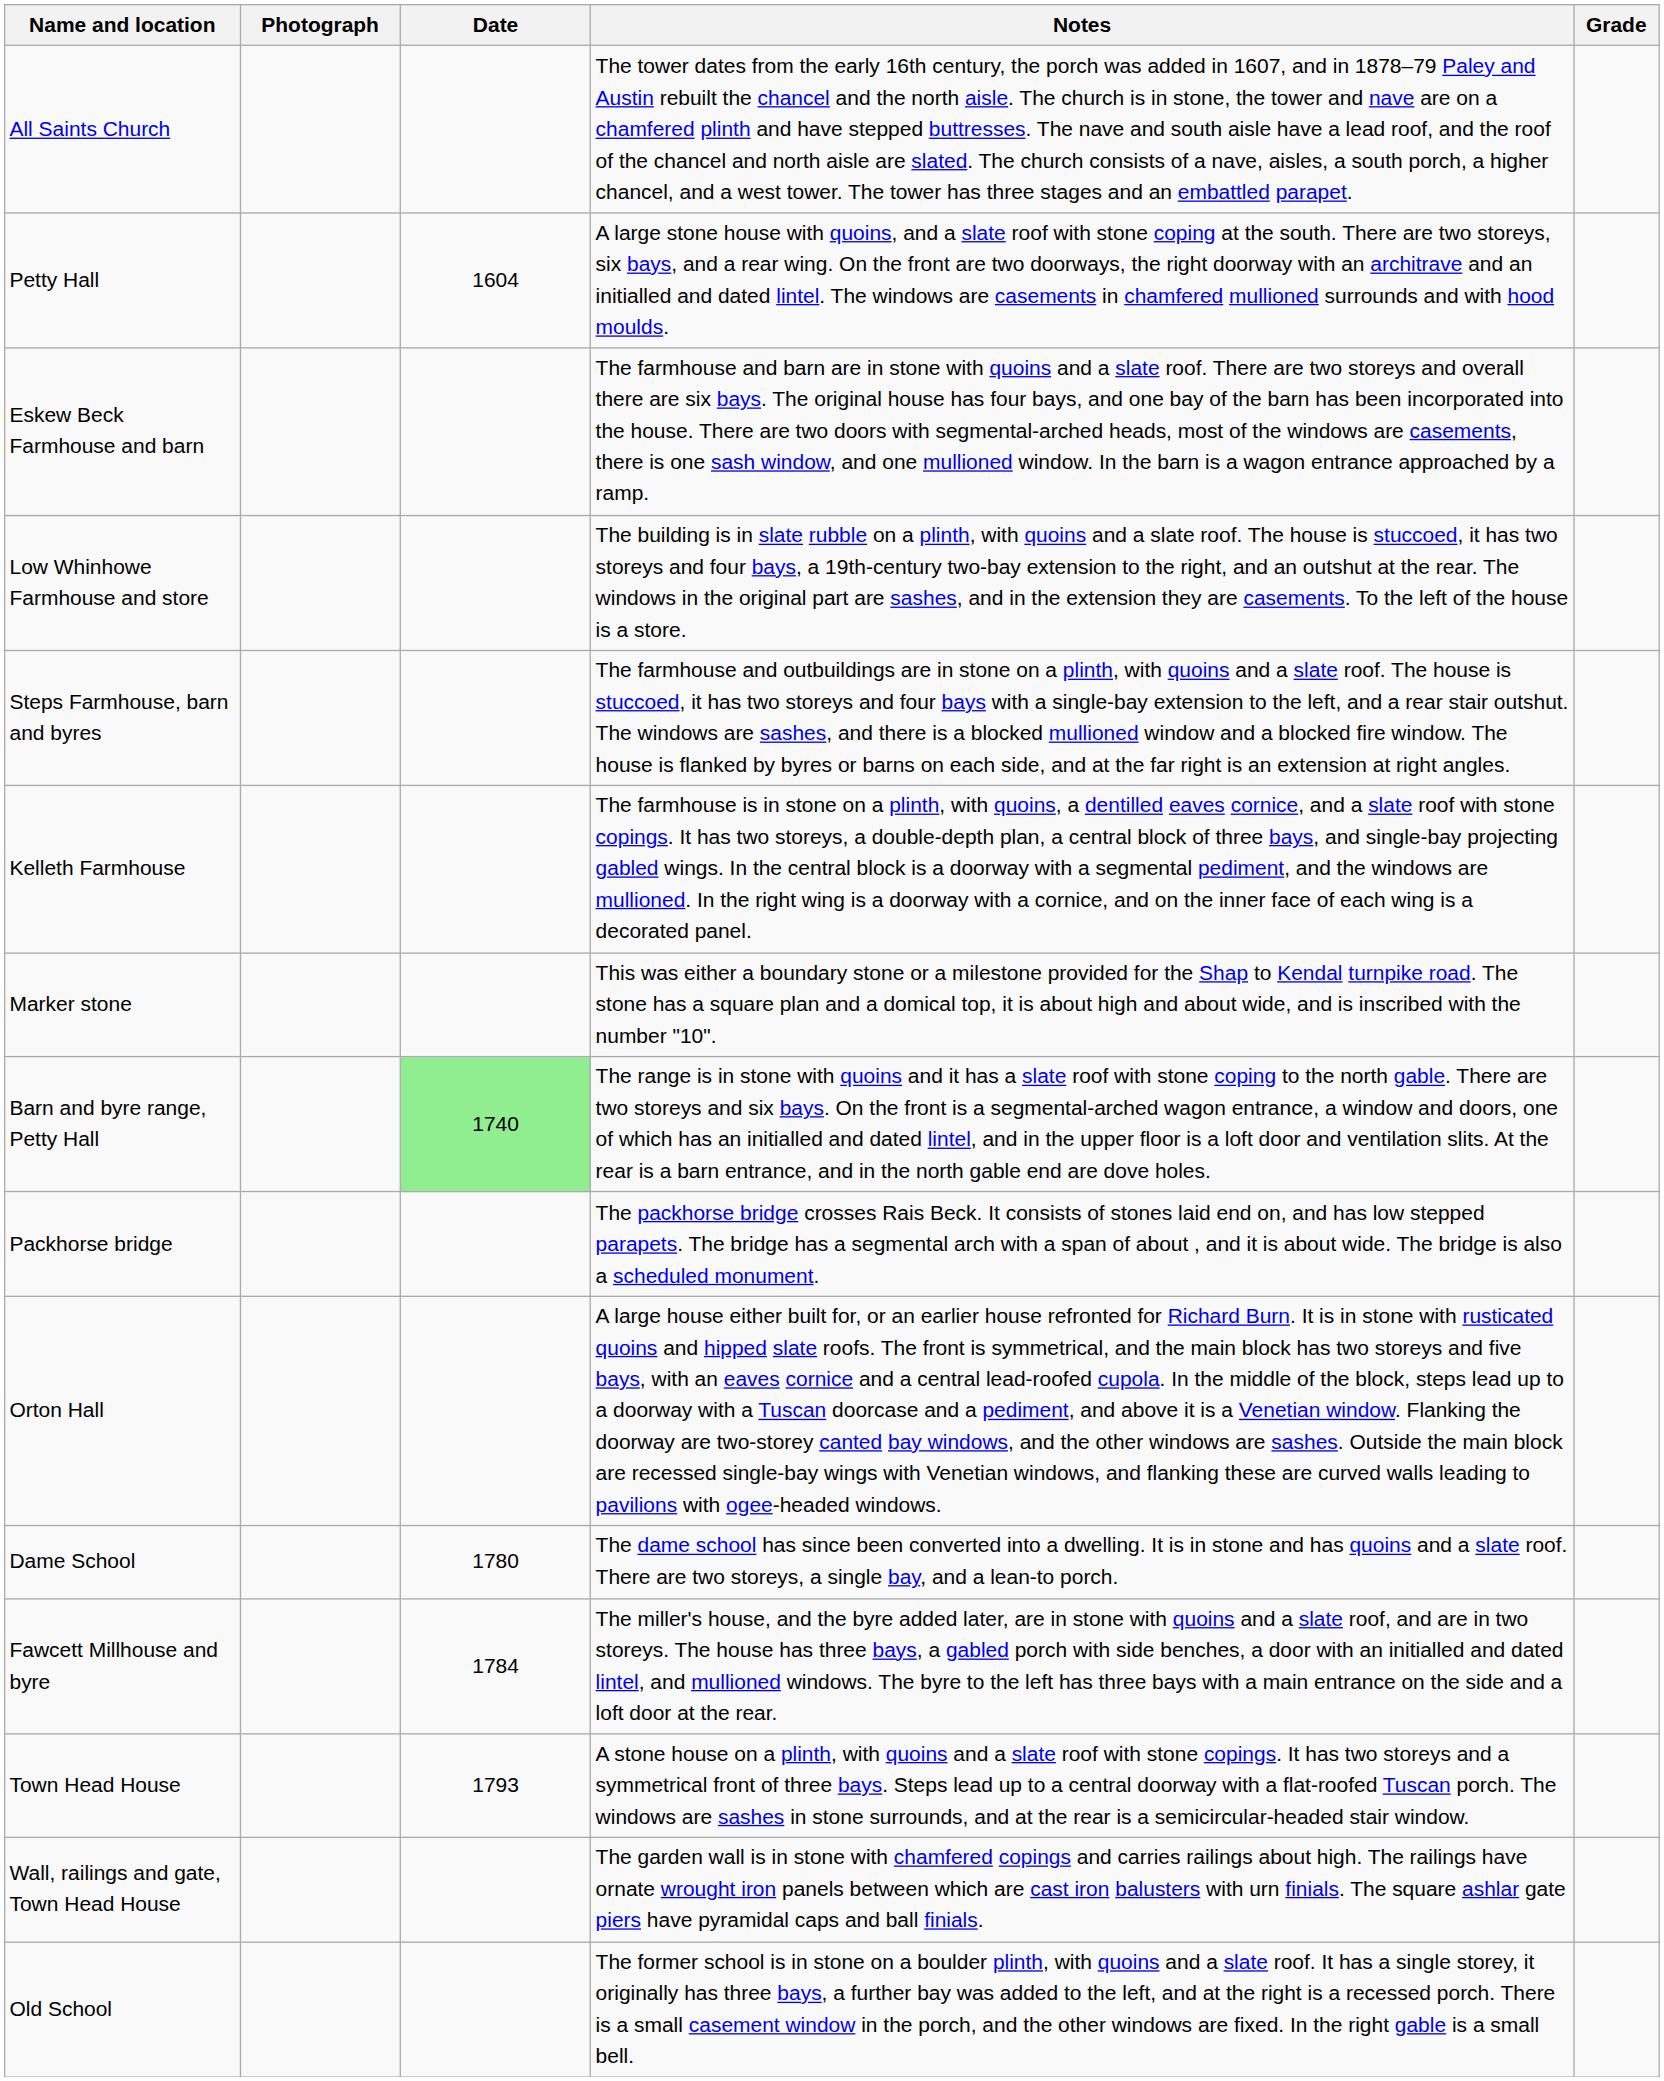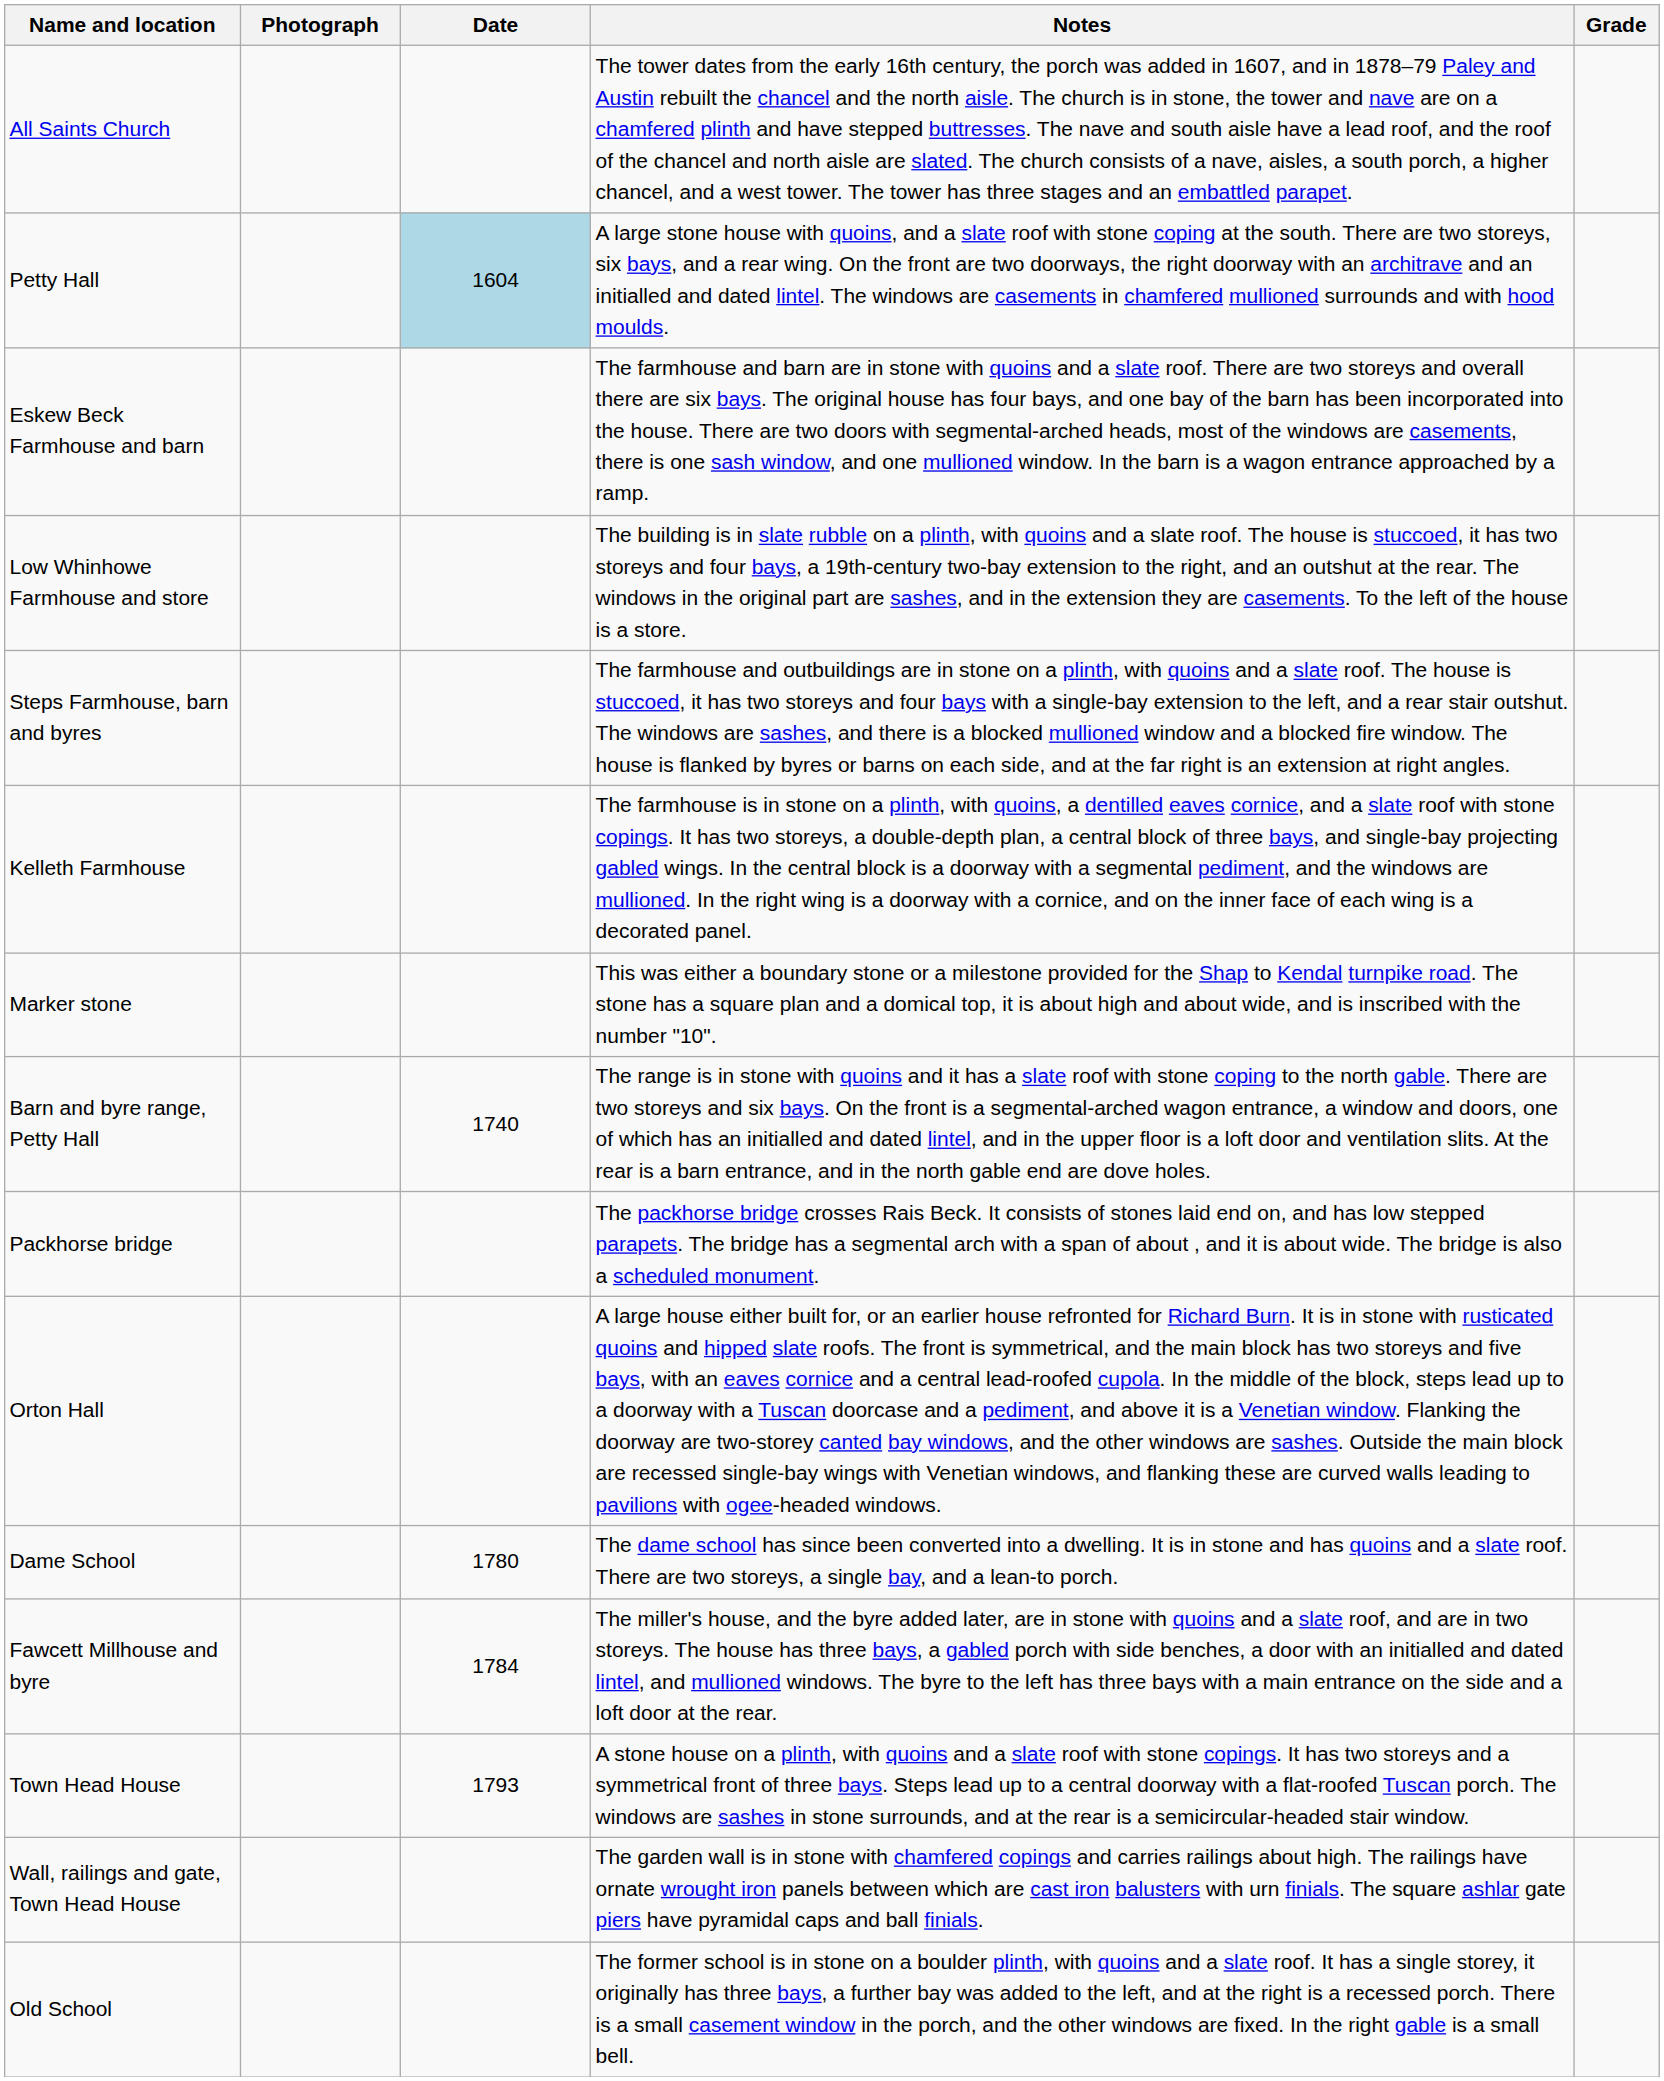 <table class="wikitable sortable plainrowheaders" style="width:100%; border:0; text-align:left; line-height:150%;">
 <tr>
 <th scope="col"  style="width:150px">Name and location</th>
 <th scope="col"  style="width:100px" class="unsortable">Photograph</th>
 <th scope="col"  style="width:120px">Date</th>
 <th scope="col"  style="width:650px" class="unsortable">Notes</th>
 <th scope="col"  style="width:50px">Grade</th>
 </tr>
 <tr>
 <td><a href='#'>All Saints Church</a><br><small></small></td>
 <td></td>
 <td align="center"></td>
 <td>The tower dates from the early 16th century, the porch was added in 1607, and in 1878–79 <a href='#'>Paley and Austin</a> rebuilt the <a href='#'>chancel</a> and the north <a href='#'>aisle</a>.  The church is in stone, the tower and <a href='#'>nave</a> are on a <a href='#'>chamfered</a> <a href='#'>plinth</a> and have stepped <a href='#'>buttresses</a>.  The nave and south aisle have a lead roof, and the roof of the chancel and north aisle are <a href='#'>slated</a>.  The church consists of a nave, aisles, a south porch, a higher chancel, and a west tower.  The tower has three stages and an <a href='#'>embattled</a> <a href='#'>parapet</a>.</td>
 <td align="center" ></td>
 </tr>
 <tr>
 <td>Petty Hall<br><small></small></td>
 <td></td>
-<td align="center">1604</td>
+<td align="center" style="background: lightblue;">1604</td>
 <td>A large stone house with <a href='#'>quoins</a>, and a <a href='#'>slate</a> roof with stone <a href='#'>coping</a> at the south.  There are two storeys, six <a href='#'>bays</a>, and a rear wing.  On the front are two doorways, the right doorway with an <a href='#'>architrave</a> and an initialled and dated <a href='#'>lintel</a>.  The windows are <a href='#'>casements</a> in <a href='#'>chamfered</a> <a href='#'>mullioned</a> surrounds and with <a href='#'>hood moulds</a>.</td>
 <td align="center" ></td>
 </tr>
 <tr>
 <td>Eskew Beck Farmhouse and barn<br><small></small></td>
 <td></td>
 <td align="center"></td>
 <td>The farmhouse and barn are in stone with <a href='#'>quoins</a> and a <a href='#'>slate</a> roof.  There are two storeys and overall there are six <a href='#'>bays</a>.  The original house has four bays, and one bay of the barn has been incorporated into the house.  There are two doors with segmental-arched heads, most of the windows are <a href='#'>casements</a>, there is one <a href='#'>sash window</a>, and one <a href='#'>mullioned</a> window.  In the barn is a wagon entrance approached by a ramp.</td>
 <td align="center" ></td>
 </tr>
 <tr>
 <td>Low Whinhowe Farmhouse and store<br><small></small></td>
 <td></td>
 <td align="center"></td>
 <td>The building is in <a href='#'>slate</a> <a href='#'>rubble</a> on a <a href='#'>plinth</a>, with <a href='#'>quoins</a> and a slate roof.  The house is <a href='#'>stuccoed</a>, it has two storeys and four <a href='#'>bays</a>, a 19th-century two-bay extension to the right, and an outshut at the rear.  The windows in the original part are <a href='#'>sashes</a>, and in the extension they are <a href='#'>casements</a>.  To the left of the house is a store.</td>
 <td align="center" ></td>
 </tr>
 <tr>
 <td>Steps Farmhouse, barn and byres<br><small></small></td>
 <td></td>
 <td align="center"></td>
 <td>The farmhouse and outbuildings are in stone on a <a href='#'>plinth</a>, with <a href='#'>quoins</a> and a <a href='#'>slate</a> roof.  The house is <a href='#'>stuccoed</a>, it has two storeys and four <a href='#'>bays</a> with a single-bay extension to the left, and a rear stair outshut.  The windows are <a href='#'>sashes</a>, and there is a blocked <a href='#'>mullioned</a> window and a blocked fire window.  The house is flanked by byres or barns on each side, and at the far right is an extension at right angles.</td>
 <td align="center" ></td>
 </tr>
 <tr>
 <td>Kelleth Farmhouse<br><small></small></td>
 <td></td>
 <td align="center"></td>
 <td>The farmhouse is in stone on a <a href='#'>plinth</a>, with <a href='#'>quoins</a>, a <a href='#'>dentilled</a> <a href='#'>eaves</a> <a href='#'>cornice</a>, and a <a href='#'>slate</a> roof with stone <a href='#'>copings</a>.  It has two storeys, a double-depth plan, a central block of three <a href='#'>bays</a>, and single-bay projecting <a href='#'>gabled</a> wings.  In the central block is a doorway with a segmental <a href='#'>pediment</a>, and the windows are <a href='#'>mullioned</a>.  In the right wing is a doorway with a cornice, and on the inner face of each wing is a decorated panel.</td>
 <td align="center" ></td>
 </tr>
 <tr>
 <td>Marker stone<br><small></small></td>
 <td></td>
 <td align="center"></td>
 <td>This was either a boundary stone or a milestone provided for the <a href='#'>Shap</a> to <a href='#'>Kendal</a> <a href='#'>turnpike road</a>.  The stone has a square plan and a domical top, it is about  high and about  wide, and is inscribed with the number "10".</td>
 <td align="center" ></td>
 </tr>
 <tr>
 <td>Barn and byre range, Petty Hall<br><small></small></td>
 <td></td>
-<td align="center" style="background: lightgreen;">1740</td>
+<td align="center">1740</td>
 <td>The range is in stone with <a href='#'>quoins</a> and it has a <a href='#'>slate</a> roof with stone <a href='#'>coping</a> to the north <a href='#'>gable</a>.  There are two storeys and six <a href='#'>bays</a>.  On the front is a segmental-arched wagon entrance, a window and doors, one of which has an initialled and dated <a href='#'>lintel</a>, and in the upper floor is a loft door and ventilation slits.  At the rear is a barn entrance, and in the north gable end are dove holes.</td>
 <td align="center" ></td>
 </tr>
 <tr>
 <td>Packhorse bridge<br><small></small></td>
 <td></td>
 <td align="center"></td>
 <td>The <a href='#'>packhorse bridge</a> crosses Rais Beck.  It consists of stones laid end on, and has low stepped <a href='#'>parapets</a>.  The bridge has a segmental arch with a span of about , and it is about  wide.  The bridge is also a <a href='#'>scheduled monument</a>.</td>
 <td align="center" ></td>
 </tr>
 <tr>
 <td>Orton Hall<br><small></small></td>
 <td></td>
 <td align="center"></td>
 <td>A large house either built for, or an earlier house refronted for <a href='#'>Richard Burn</a>.  It is in stone with <a href='#'>rusticated</a> <a href='#'>quoins</a> and <a href='#'>hipped</a> <a href='#'>slate</a> roofs.  The front is symmetrical, and the main block has two storeys and five <a href='#'>bays</a>, with an <a href='#'>eaves</a> <a href='#'>cornice</a> and a central lead-roofed <a href='#'>cupola</a>.  In the middle of the block, steps lead up to a doorway with a <a href='#'>Tuscan</a> doorcase and a <a href='#'>pediment</a>, and above it is a <a href='#'>Venetian window</a>.  Flanking the doorway are two-storey <a href='#'>canted</a> <a href='#'>bay windows</a>, and the other windows are <a href='#'>sashes</a>.  Outside the main block are recessed single-bay wings with Venetian windows, and flanking these are curved walls leading to <a href='#'>pavilions</a> with <a href='#'>ogee</a>-headed windows.</td>
 <td align="center" ></td>
 </tr>
 <tr>
 <td>Dame School<br><small></small></td>
 <td></td>
 <td align="center">1780</td>
 <td>The <a href='#'>dame school</a> has since been converted into a dwelling.  It is in stone and has <a href='#'>quoins</a> and a <a href='#'>slate</a> roof.  There are two storeys, a single <a href='#'>bay</a>, and a lean-to porch.</td>
 <td align="center" ></td>
 </tr>
 <tr>
 <td>Fawcett Millhouse and byre<br><small></small></td>
 <td></td>
 <td align="center">1784</td>
 <td>The miller's house, and the byre added later, are in stone with <a href='#'>quoins</a> and a <a href='#'>slate</a> roof, and are in two storeys.  The house has three <a href='#'>bays</a>, a <a href='#'>gabled</a> porch with side benches, a door with an initialled and dated <a href='#'>lintel</a>, and <a href='#'>mullioned</a> windows.  The byre to the left has three bays with a main entrance on the side and a loft door at the rear.</td>
 <td align="center" ></td>
 </tr>
 <tr>
 <td>Town Head House<br><small></small></td>
 <td></td>
 <td align="center">1793</td>
 <td>A stone house on a <a href='#'>plinth</a>, with <a href='#'>quoins</a> and a <a href='#'>slate</a> roof with stone <a href='#'>copings</a>.  It has two storeys and a symmetrical front of three <a href='#'>bays</a>.  Steps lead up to a central doorway with a flat-roofed <a href='#'>Tuscan</a> porch.  The windows are <a href='#'>sashes</a> in stone surrounds, and at the rear is a semicircular-headed stair window.</td>
 <td align="center" ></td>
 </tr>
 <tr>
 <td>Wall, railings and gate,<br>Town Head House<br><small></small></td>
 <td></td>
 <td align="center"></td>
 <td>The garden wall is in stone with <a href='#'>chamfered</a> <a href='#'>copings</a> and carries railings about  high.  The railings have ornate <a href='#'>wrought iron</a> panels between which are <a href='#'>cast iron</a> <a href='#'>balusters</a> with urn <a href='#'>finials</a>.  The square <a href='#'>ashlar</a> gate <a href='#'>piers</a> have pyramidal caps and ball <a href='#'>finials</a>.</td>
 <td align="center" ></td>
 </tr>
 <tr>
 <td>Old School<br><small></small></td>
 <td></td>
 <td align="center"></td>
 <td>The former school is in stone on a boulder <a href='#'>plinth</a>, with <a href='#'>quoins</a> and a <a href='#'>slate</a> roof.  It has a single storey, it originally has three <a href='#'>bays</a>, a further bay was added to the left, and at the right is a recessed porch.  There is a small <a href='#'>casement window</a> in the porch, and the other windows are fixed.  In the right <a href='#'>gable</a> is a small bell.</td>
 <td align="center" ></td>
 </tr>
 <tr>
 </tr>
 </table>
